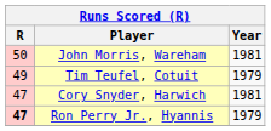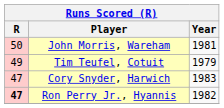 <table class="wikitable" style="display: inline-table; margin-right: 20px; text-align:center">
 <tr>
 <th colspan="3"><a href='#'>Runs Scored (R)</a></th>
 </tr>
 <tr>
 <th scope="col" style="width: 25px;">R</th>
 <th scope="col" style="width: 200px;">Player</th>
 <th scope="col" style="width: 25px;">Year</th>
 </tr>
 <tr>
 <td bgcolor=#ffcccc>50</td>
 <td !scope="row" style="background:#ffb;"><a href='#'>John Morris</a>, <a href='#'>Wareham</a></td>
 <td>1981</td>
 </tr>
 <tr>
 <td bgcolor=#ffcccc>49</td>
 <td !scope="row" style="background:#ffb;"><a href='#'>Tim Teufel</a>, <a href='#'>Cotuit</a></td>
 <td>1979</td>
 </tr>
 <tr>
 <td bgcolor=#ffcccc>47</td>
 <td !scope="row" style="background:#ffb;"><a href='#'>Cory Snyder</a>, <a href='#'>Harwich</a></td>
-<td>1981</td>
+<td>1983</td>
 </tr>
 <tr>
 <td bgcolor=#ffcccc><strong>47</strong></td>
 <td !scope="row" style="background:#ffb;"><a href='#'>Ron Perry Jr.</a>, <a href='#'>Hyannis</a></td>
-<td>1979</td>
+<td>1982</td>
 </tr>
 <tr>
 </tr>
 </table>
